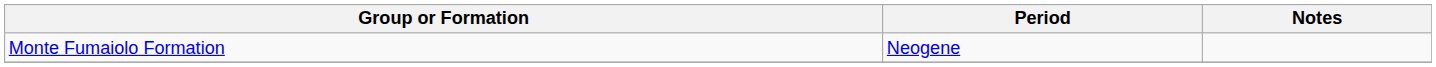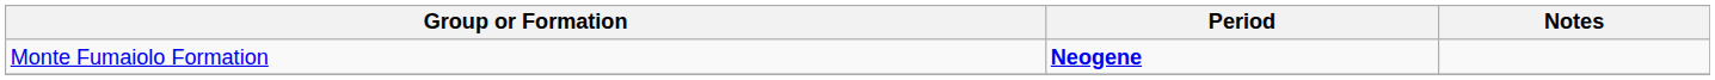 <table class="wikitable sortable" style="width: 100%;">
 <tr>
 <th>Group or Formation</th>
 <th>Period</th>
 <th class="unsortable">Notes</th>
 </tr>
 <tr>
 <td><a href='#'>Monte Fumaiolo Formation</a></td>
-<td><a href='#'>Neogene</a></td>
+<td><strong><a href='#'>Neogene</a></strong></td>
 <td></td>
 </tr>
 <tr>
 </tr>
 </table>
